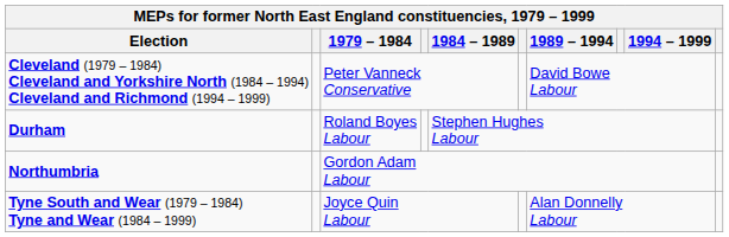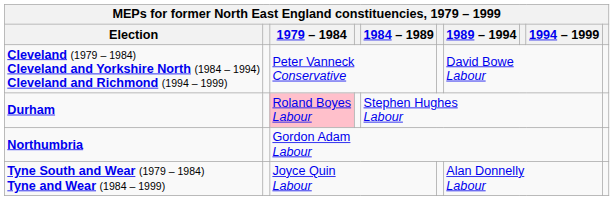 <table class="wikitable">
 <tr>
 <th colspan = 10>MEPs for former North East England constituencies, 1979 – 1999</th>
 </tr>
 <tr>
 <th>Election</th>
 <th style="width:1px;"></th>
 <th><a href='#'>1979</a> – 1984</th>
 <th style="width:1px;"></th>
 <th><a href='#'>1984</a> – 1989</th>
 <th style="width:1px;"></th>
 <th><a href='#'>1989</a> – 1994</th>
 <th style="width:1px;"></th>
 <th><a href='#'>1994</a> – 1999</th>
 <th style="width:1px;"></th>
 </tr>
 <tr>
 <td><strong><a href='#'>Cleveland</a></strong> <small>(1979 – 1984)</small><br><strong><a href='#'>Cleveland and Yorkshire North</a></strong> <small>(1984 – 1994)</small><br><strong><a href='#'>Cleveland and Richmond</a></strong> <small>(1994 – 1999)</small></td>
 <td width=1px style="background-color: "></td>
 <td colspan = 3><a href='#'>Peter Vanneck</a><br><em><a href='#'>Conservative</a></em></td>
 <td width=1px style="background-color: "></td>
 <td colspan = 3><a href='#'>David Bowe</a><br><em><a href='#'>Labour</a></em></td>
 <td width=1px style="background-color: "></td>
 </tr>
 <tr>
 <td><strong><a href='#'>Durham</a></strong></td>
 <td width=1px style="background-color: "></td>
-<td><a href='#'>Roland Boyes</a><br><em><a href='#'>Labour</a></em></td>
+<td style="background: pink;"><a href='#'>Roland Boyes</a><br><em><a href='#'>Labour</a></em></td>
 <td width=1px style="background-color: "></td>
 <td colspan = 5><a href='#'>Stephen Hughes</a><br><em><a href='#'>Labour</a></em></td>
 <td width=1px style="background-color: "></td>
 </tr>
 <tr>
 <td><strong><a href='#'>Northumbria</a></strong></td>
 <td width=1px style="background-color: "></td>
 <td colspan = 7><a href='#'>Gordon Adam</a><br><em><a href='#'>Labour</a></em></td>
 <td width=1px style="background-color: "></td>
 </tr>
 <tr>
 <td><strong><a href='#'>Tyne South and Wear</a></strong> <small>(1979 – 1984)</small><br><strong><a href='#'>Tyne and Wear</a></strong> <small>(1984 – 1999)</small></td>
 <td width=1px style="background-color: "></td>
 <td colspan = 3><a href='#'>Joyce Quin</a><br><em><a href='#'>Labour</a></em></td>
 <td width=1px style="background-color: "></td>
 <td colspan = 3><a href='#'>Alan Donnelly</a><br><em><a href='#'>Labour</a></em></td>
 <td width=1px style="background-color: "></td>
 </tr>
 </table>
